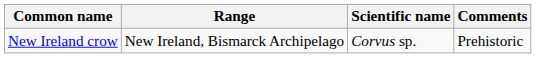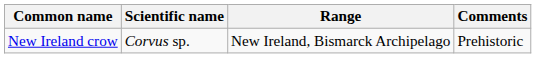 <table class="wikitable">
 <tr>
 <th>Common name</th>
+<th>Scientific name</th>
 <th>Range</th>
-<th>Scientific name</th>
 <th class="unsortable">Comments</th>
 </tr>
 <tr>
 <td><a href='#'>New Ireland crow</a></td>
+<td><em>Corvus</em> sp.</td>
 <td>New Ireland, Bismarck Archipelago</td>
-<td><em>Corvus</em> sp.</td>
 <td>Prehistoric</td>
 </tr>
 </table>
